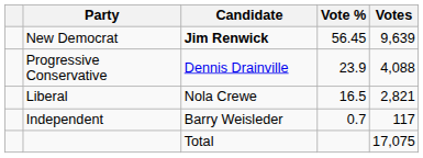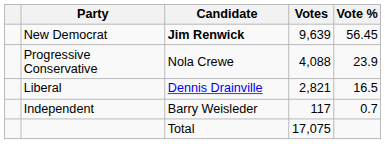 <table class="wikitable">
 <tr>
 <th></th>
 <th scope="col" width="175">Party</th>
 <th scope="col" width="150">Candidate</th>
+<th>Votes</th>
 <th>Vote %</th>
-<th>Votes</th>
 </tr>
 <tr>
 <td>   </td>
 <td>New Democrat</td>
 <td><strong>Jim Renwick</strong></td>
+<td align=right>9,639</td>
 <td align=right>56.45</td>
-<td align=right>9,639</td>
 </tr>
 <tr |>
 <td>   </td>
 <td>Progressive Conservative</td>
-<td><a href='#'>Dennis Drainville</a></td>
+<td>Nola Crewe</td>
+<td align=right>4,088</td>
 <td align=right>23.9</td>
-<td align=right>4,088</td>
 </tr>
 <tr |>
 <td>   </td>
 <td>Liberal</td>
-<td>Nola Crewe</td>
+<td><a href='#'>Dennis Drainville</a></td>
+<td align=right>2,821</td>
 <td align=right>16.5<br> </td>
-<td align=right>2,821</td>
 </tr>
 <tr |>
 <td>   </td>
 <td>Independent</td>
 <td>Barry Weisleder</td>
+<td align=right>117</td>
 <td align=right>0.7</td>
-<td align=right>117</td>
 </tr>
 <tr |>
 <td></td>
 <td></td>
 <td>Total</td>
+<td align=right>17,075</td>
 <td></td>
-<td align=right>17,075</td>
 </tr>
 </table>
